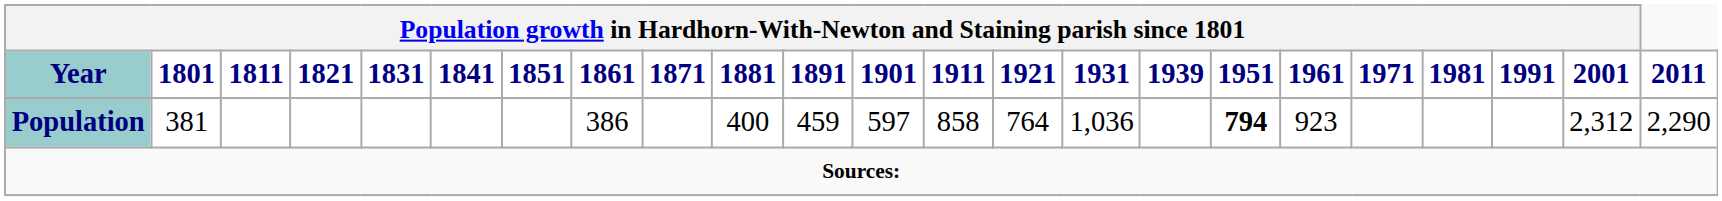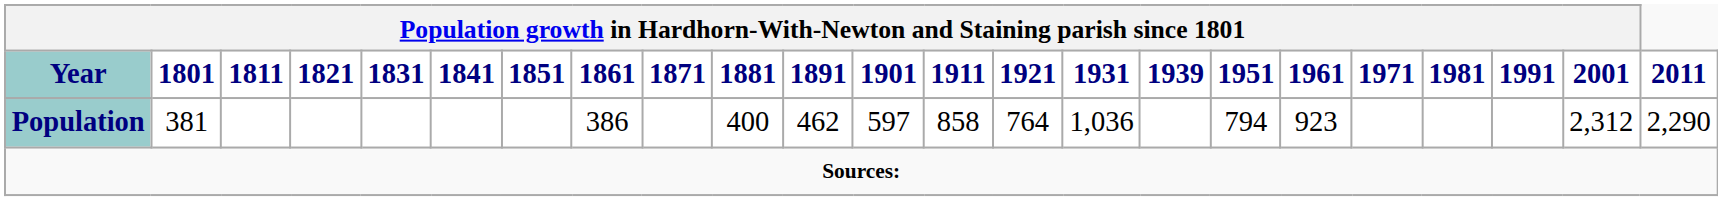 <table class="wikitable" style="font-size:90%;width:70%;border:0px;text-align:center;line-height:120%;">
 <tr>
 <th colspan="22" style="text-align:center;font-size:90%;"><a href='#'>Population growth</a> in Hardhorn-With-Newton and Staining parish since 1801</th>
 </tr>
 <tr>
 <th style="background: #99CCCC; color: #000080" height="17">Year</th>
 <th style="background: #FFFFFF; color:#000080;">1801</th>
 <th style="background: #FFFFFF; color:#000080;">1811</th>
 <th style="background: #FFFFFF; color:#000080;">1821</th>
 <th style="background: #FFFFFF; color:#000080;">1831</th>
 <th style="background: #FFFFFF; color:#000080;">1841</th>
 <th style="background: #FFFFFF; color:#000080;">1851</th>
 <th style="background: #FFFFFF; color:#000080;">1861</th>
 <th style="background: #FFFFFF; color:#000080;">1871</th>
 <th style="background: #FFFFFF; color:#000080;">1881</th>
 <th style="background: #FFFFFF; color:#000080;">1891</th>
 <th style="background: #FFFFFF; color:#000080;">1901</th>
 <th style="background: #FFFFFF; color:#000080;">1911</th>
 <th style="background: #FFFFFF; color:#000080;">1921</th>
 <th style="background: #FFFFFF; color:#000080;">1931</th>
 <th style="background: #FFFFFF; color:#000080;">1939</th>
 <th style="background: #FFFFFF; color:#000080;">1951</th>
 <th style="background: #FFFFFF; color:#000080;">1961</th>
 <th style="background: #FFFFFF; color:#000080;">1971</th>
 <th style="background: #FFFFFF; color:#000080;">1981</th>
 <th style="background: #FFFFFF; color:#000080;">1991</th>
 <th style="background: #FFFFFF; color:#000080;">2001</th>
 <th style="background: #FFFFFF; color:#000080;">2011</th>
 </tr>
 <tr Align="center">
 <th style="background: #99CCCC; color: #000080" height="17">Population</th>
 <td style="background: #FFFFFF; color: black;">381</td>
 <td style="background: #FFFFFF; color: black;"></td>
 <td style="background: #FFFFFF; color: black;"></td>
 <td style="background: #FFFFFF; color: black;"></td>
 <td style="background: #FFFFFF; color: black;"></td>
 <td style="background: #FFFFFF; color: black;"></td>
 <td style="background: #FFFFFF; color: black;">386</td>
 <td style="background: #FFFFFF; color: black;"></td>
 <td style="background: #FFFFFF; color: black;">400</td>
-<td style="background: #FFFFFF; color: black;">459</td>
+<td style="background: #FFFFFF; color: black;">462</td>
 <td style="background: #FFFFFF; color: black;">597</td>
 <td style="background: #FFFFFF; color: black;">858</td>
 <td style="background: #FFFFFF; color: black;">764</td>
 <td style="background: #FFFFFF; color: black;">1,036</td>
 <td style="background: #FFFFFF; color: black;"></td>
-<td style="background: #FFFFFF; color: black;"><strong>794</strong></td>
+<td style="background: #FFFFFF; color: black;">794</td>
 <td style="background: #FFFFFF; color: black;">923</td>
 <td style="background: #FFFFFF; color: black;"></td>
 <td style="background: #FFFFFF; color: black;"></td>
 <td style="background: #FFFFFF; color: black;"></td>
 <td style="background: #FFFFFF; color: black;">2,312</td>
 <td style="background: #FFFFFF; color: black;">2,290</td>
 </tr>
 <tr>
 <td colspan="24" style="text-align:center;font-size:90%;"><small><strong>Sources: </strong></small></td>
 </tr>
 </table>
